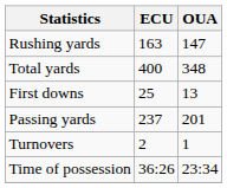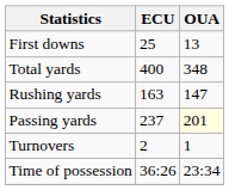 <table class="wikitable" style="float: left;">
 <tr>
 <th>Statistics</th>
 <th>ECU</th>
 <th>OUA</th>
 </tr>
 <tr>
-<td>Rushing yards</td>
-<td>163</td>
-<td>147</td>
+<td>First downs</td>
+<td>25</td>
+<td>13</td>
 </tr>
 <tr>
 <td>Total yards</td>
 <td>400</td>
 <td>348</td>
 </tr>
 <tr>
-<td>First downs</td>
-<td>25</td>
-<td>13</td>
+<td>Rushing yards</td>
+<td>163</td>
+<td>147</td>
 </tr>
 <tr>
 <td>Passing yards</td>
 <td>237</td>
-<td>201</td>
+<td style="background: lightyellow;">201</td>
 </tr>
 <tr>
 <td>Turnovers</td>
 <td>2</td>
 <td>1</td>
 </tr>
 <tr>
 <td>Time of possession</td>
 <td>36:26</td>
 <td>23:34</td>
 </tr>
 <tr>
 </tr>
 </table>
